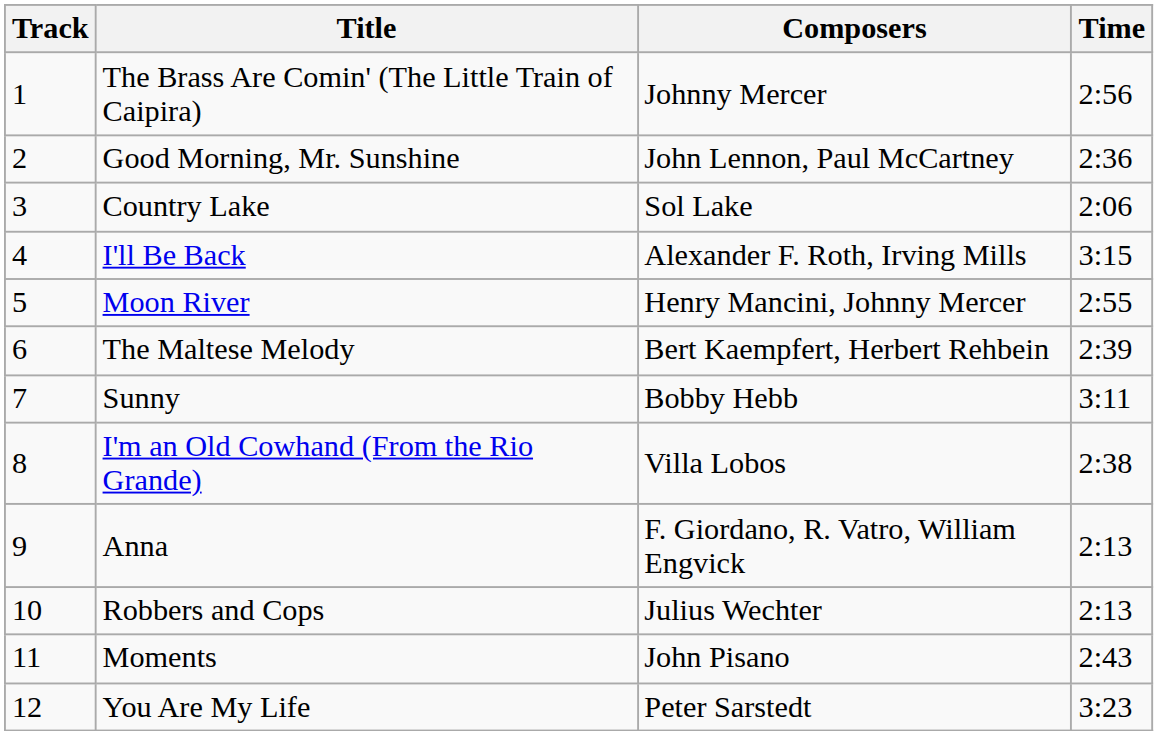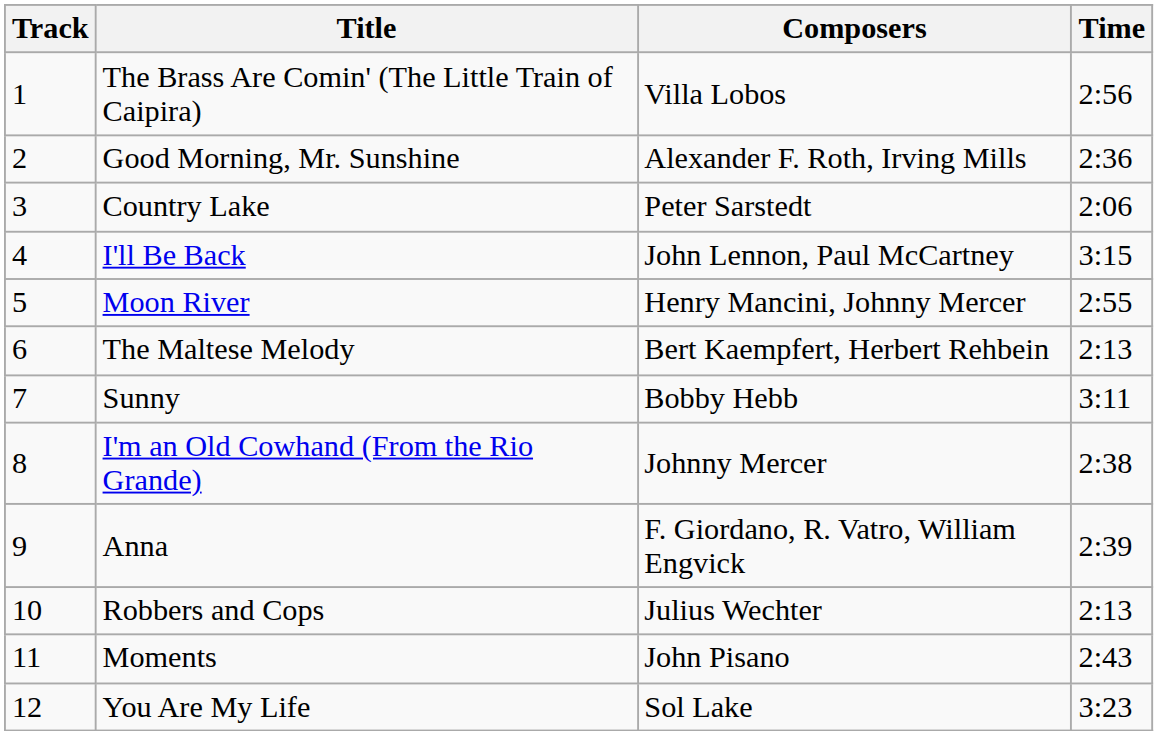 <table class="wikitable">
 <tr>
 <th>Track</th>
 <th>Title</th>
 <th>Composers</th>
 <th>Time</th>
 </tr>
 <tr>
 <td>1</td>
 <td>The Brass Are Comin' (The Little Train of Caipira)</td>
-<td>Johnny Mercer</td>
+<td>Villa Lobos</td>
 <td>2:56</td>
 </tr>
 <tr>
 <td>2</td>
 <td>Good Morning, Mr. Sunshine</td>
-<td>John Lennon, Paul McCartney</td>
+<td>Alexander F. Roth, Irving Mills</td>
 <td>2:36</td>
 </tr>
 <tr>
 <td>3</td>
 <td>Country Lake</td>
-<td>Sol Lake</td>
+<td>Peter Sarstedt</td>
 <td>2:06</td>
 </tr>
 <tr>
 <td>4</td>
 <td><a href='#'>I'll Be Back</a></td>
-<td>Alexander F. Roth, Irving Mills</td>
+<td>John Lennon, Paul McCartney</td>
 <td>3:15</td>
 </tr>
 <tr>
 <td>5</td>
 <td><a href='#'>Moon River</a></td>
 <td>Henry Mancini, Johnny Mercer</td>
 <td>2:55</td>
 </tr>
 <tr>
 <td>6</td>
 <td>The Maltese Melody</td>
 <td>Bert Kaempfert, Herbert Rehbein</td>
-<td>2:39</td>
+<td>2:13</td>
 </tr>
 <tr>
 <td>7</td>
 <td>Sunny</td>
 <td>Bobby Hebb</td>
 <td>3:11</td>
 </tr>
 <tr>
 <td>8</td>
 <td><a href='#'>I'm an Old Cowhand (From the Rio Grande)</a></td>
-<td>Villa Lobos</td>
+<td>Johnny Mercer</td>
 <td>2:38</td>
 </tr>
 <tr>
 <td>9</td>
 <td>Anna</td>
 <td>F. Giordano, R. Vatro, William Engvick</td>
-<td>2:13</td>
+<td>2:39</td>
 </tr>
 <tr>
 <td>10</td>
 <td>Robbers and Cops</td>
 <td>Julius Wechter</td>
 <td>2:13</td>
 </tr>
 <tr>
 <td>11</td>
 <td>Moments</td>
 <td>John Pisano</td>
 <td>2:43</td>
 </tr>
 <tr>
 <td>12</td>
 <td>You Are My Life</td>
-<td>Peter Sarstedt</td>
+<td>Sol Lake</td>
 <td>3:23</td>
 </tr>
 <tr>
 </tr>
 </table>
